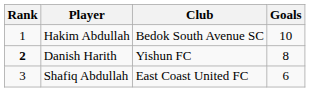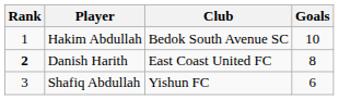 <table class="wikitable" style="font-size:100%">
 <tr>
 <th>Rank</th>
 <th>Player</th>
 <th>Club</th>
 <th>Goals</th>
 </tr>
 <tr>
 <td align="center" rowspan="1">1</td>
 <td>Hakim Abdullah</td>
 <td>Bedok South Avenue SC</td>
 <td align="center" rowspan="1">10</td>
 </tr>
 <tr>
 <td align="center" rowspan="1"><strong>2</strong></td>
 <td>Danish Harith</td>
-<td>Yishun FC</td>
+<td>East Coast United FC</td>
 <td align="center" rowspan="1">8</td>
 </tr>
 <tr>
 <td align="center" rowspan="2">3</td>
 <td>Shafiq Abdullah</td>
-<td>East Coast United FC</td>
+<td>Yishun FC</td>
 <td align="center" rowspan="1">6</td>
 </tr>
 </table>
